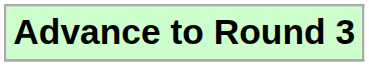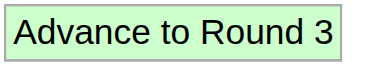 <table class="wikitable">
 <tr>
 </tr>
 <tr width=10px bgcolor=ccffcc>
-<td><strong>Advance to Round 3</strong></td>
+<td>Advance to Round 3</td>
 </tr>
 <tr>
 </tr>
 </table>
